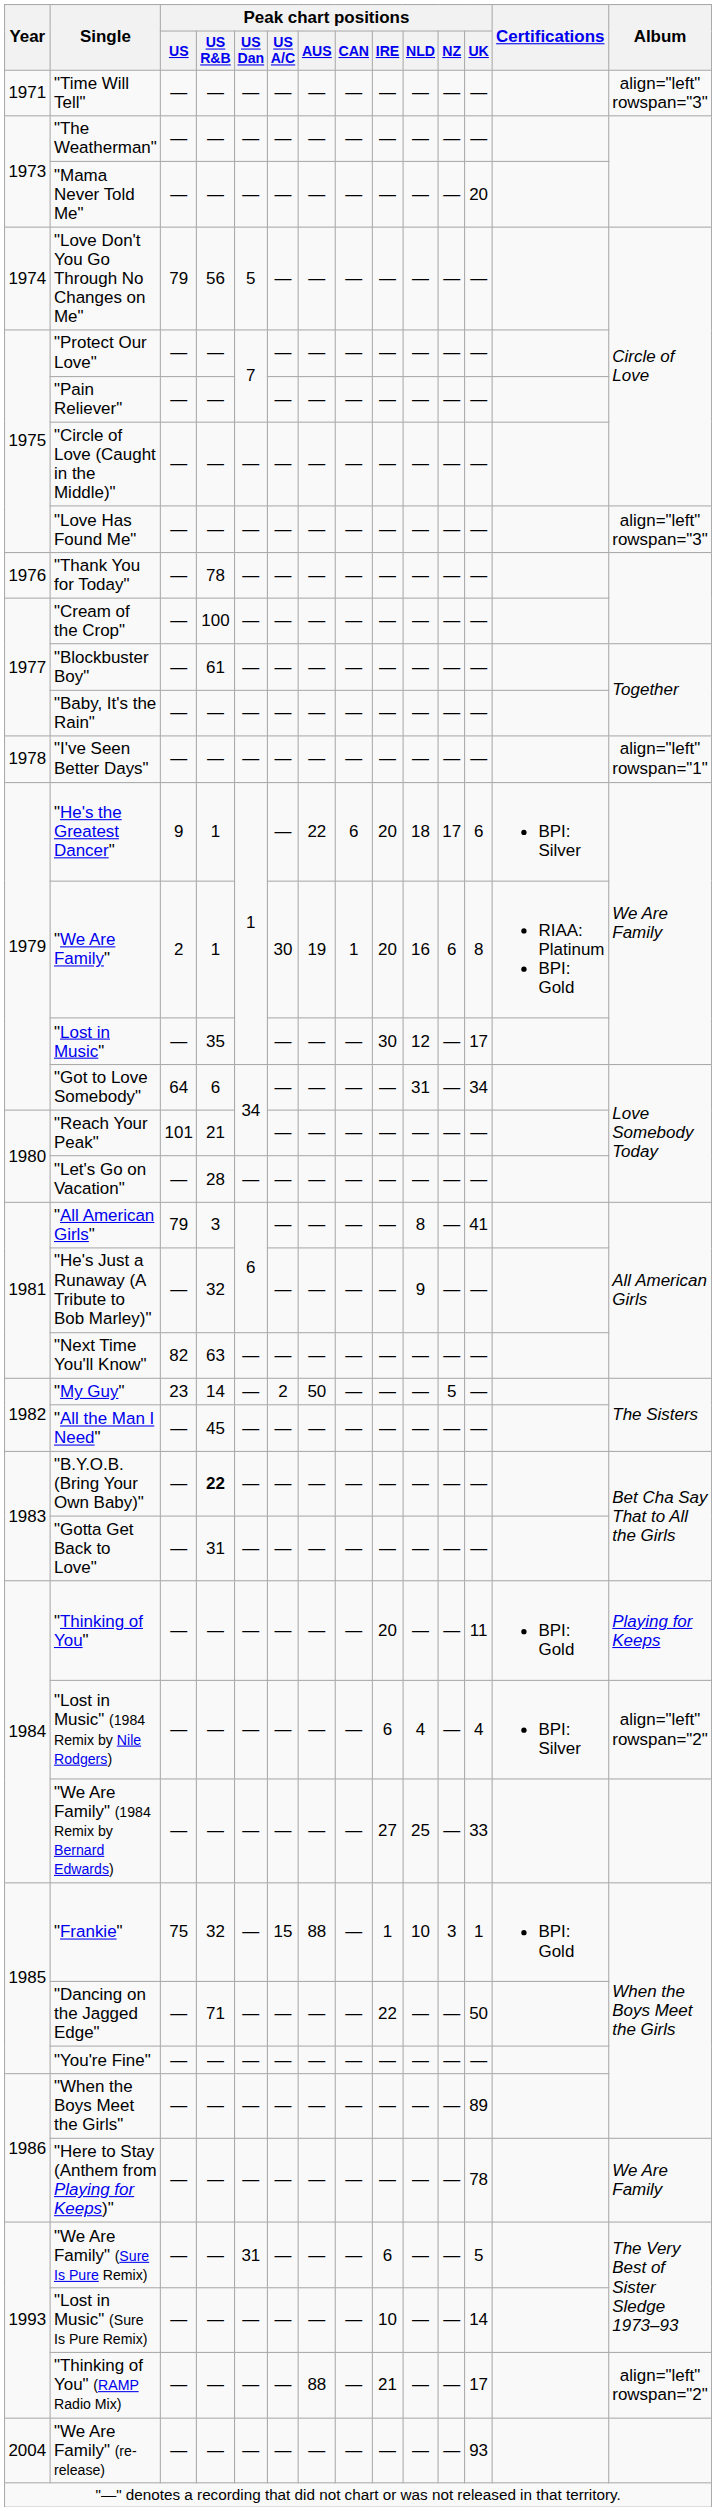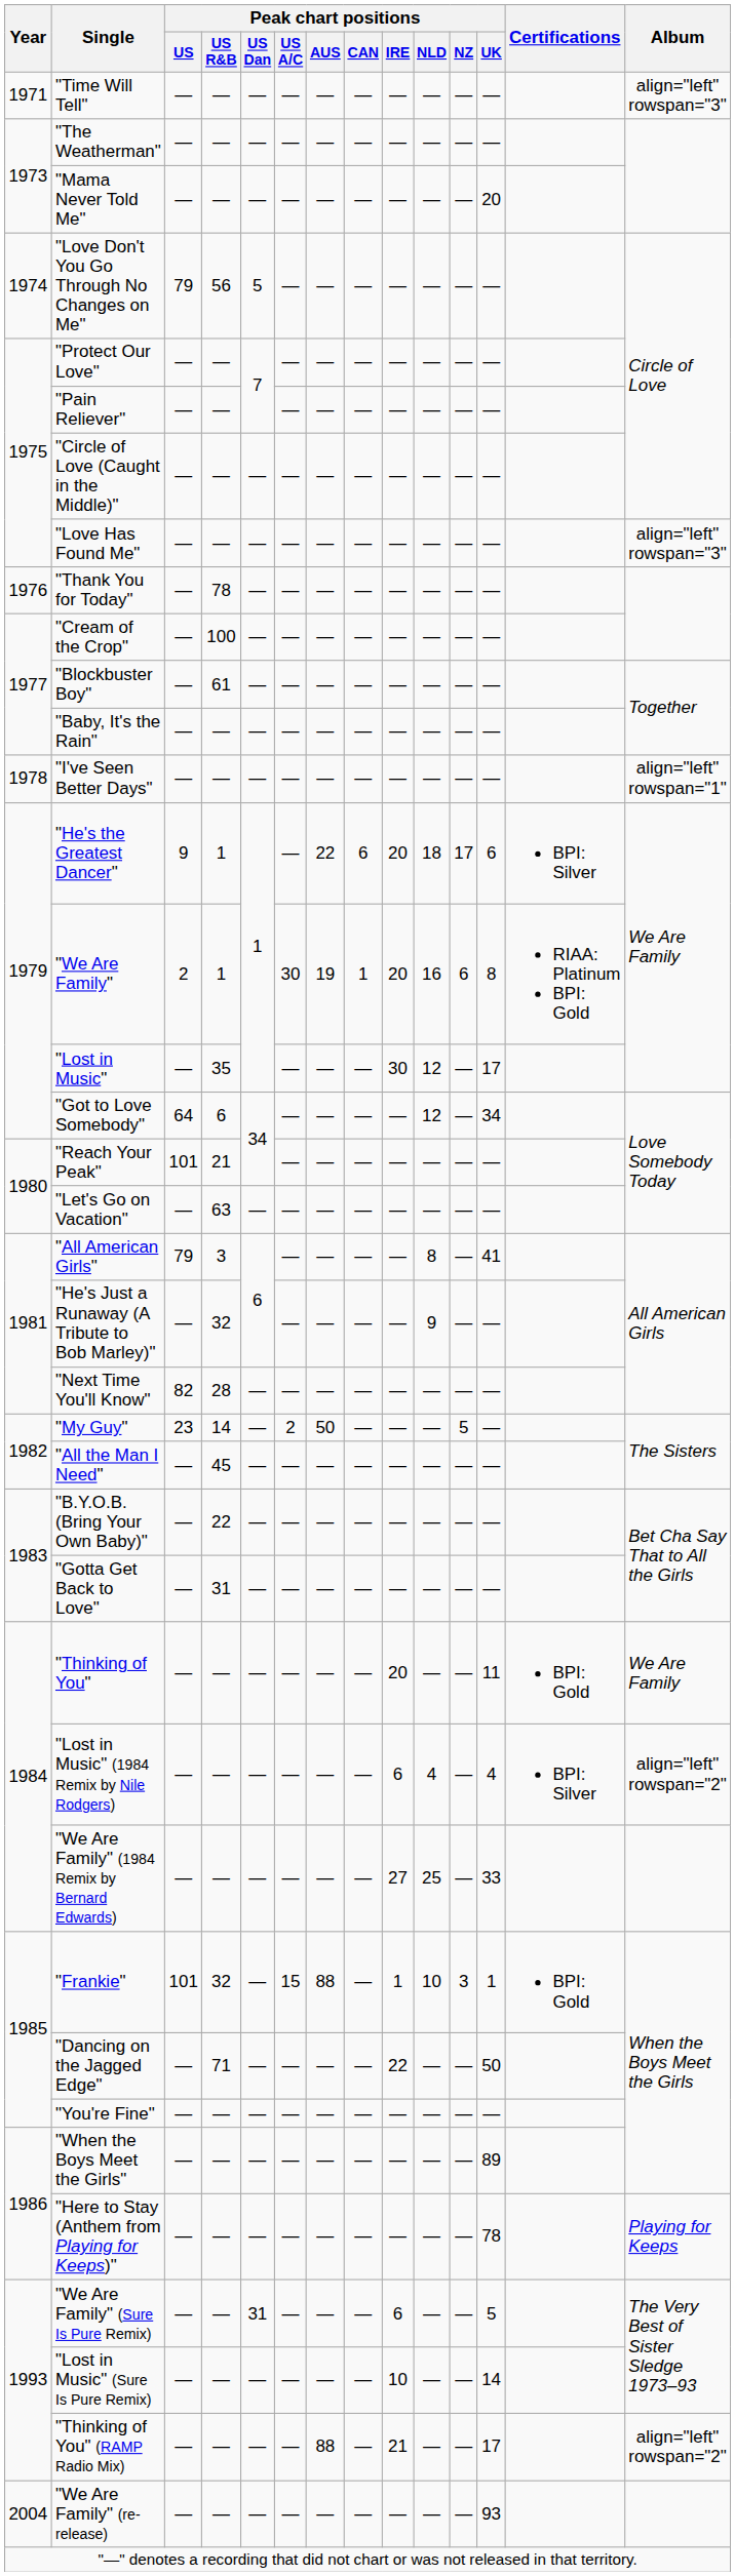 <table class="wikitable" style="text-align:center;">
 <tr>
 <th rowspan="2">Year</th>
 <th rowspan="2">Single</th>
 <th colspan="10">Peak chart positions</th>
 <th rowspan="2"><a href='#'>Certifications</a></th>
 <th rowspan="2">Album</th>
 </tr>
 <tr style="font-size:smaller;">
 <th width="35"><a href='#'>US</a><br></th>
 <th width="35"><a href='#'>US<br>R&B</a><br></th>
 <th width="35"><a href='#'>US<br>Dan</a><br></th>
 <th width="35"><a href='#'>US<br>A/C</a><br></th>
 <th width="35"><a href='#'>AUS</a><br></th>
 <th width="35"><a href='#'>CAN</a><br></th>
 <th width="35"><a href='#'>IRE</a><br></th>
 <th width="35"><a href='#'>NLD</a><br></th>
 <th width="35"><a href='#'>NZ</a> <br></th>
 <th width="35"><a href='#'>UK</a><br></th>
 </tr>
 <tr>
 <td rowspan="1">1971</td>
 <td align="left">"Time Will Tell"</td>
 <td>—</td>
 <td>—</td>
 <td>—</td>
 <td>—</td>
 <td>—</td>
 <td>—</td>
 <td>—</td>
 <td>—</td>
 <td>—</td>
 <td>—</td>
 <td align=left></td>
 <td>align="left" rowspan="3" </td>
 </tr>
 <tr>
 <td rowspan="2">1973</td>
 <td align="left">"The Weatherman"</td>
 <td>—</td>
 <td>—</td>
 <td>—</td>
 <td>—</td>
 <td>—</td>
 <td>—</td>
 <td>—</td>
 <td>—</td>
 <td>—</td>
 <td>—</td>
 <td align=left></td>
 </tr>
 <tr>
 <td align="left">"Mama Never Told Me"</td>
 <td>—</td>
 <td>—</td>
 <td>—</td>
 <td>—</td>
 <td>—</td>
 <td>—</td>
 <td>—</td>
 <td>—</td>
 <td>—</td>
 <td>20</td>
 <td align=left></td>
 </tr>
 <tr>
 <td rowspan="1">1974</td>
 <td align="left">"Love Don't You Go Through No Changes on Me"</td>
 <td>79</td>
 <td>56</td>
 <td>5</td>
 <td>—</td>
 <td>—</td>
 <td>—</td>
 <td>—</td>
 <td>—</td>
 <td>—</td>
 <td>—</td>
 <td align=left></td>
 <td align="left" rowspan="4"><em>Circle of Love</em></td>
 </tr>
 <tr>
 <td rowspan="4">1975</td>
 <td align="left">"Protect Our Love"</td>
 <td>—</td>
 <td>—</td>
 <td rowspan="2">7</td>
 <td>—</td>
 <td>—</td>
 <td>—</td>
 <td>—</td>
 <td>—</td>
 <td>—</td>
 <td>—</td>
 <td align=left></td>
 </tr>
 <tr>
 <td align="left">"Pain Reliever"</td>
 <td>—</td>
 <td>—</td>
 <td>—</td>
 <td>—</td>
 <td>—</td>
 <td>—</td>
 <td>—</td>
 <td>—</td>
 <td>—</td>
 <td align=left></td>
 </tr>
 <tr>
 <td align="left">"Circle of Love (Caught in the Middle)"</td>
 <td>—</td>
 <td>—</td>
 <td>—</td>
 <td>—</td>
 <td>—</td>
 <td>—</td>
 <td>—</td>
 <td>—</td>
 <td>—</td>
 <td>—</td>
 <td align=left></td>
 </tr>
 <tr>
 <td align="left">"Love Has Found Me"</td>
 <td>—</td>
 <td>—</td>
 <td>—</td>
 <td>—</td>
 <td>—</td>
 <td>—</td>
 <td>—</td>
 <td>—</td>
 <td>—</td>
 <td>—</td>
 <td align=left></td>
 <td>align="left" rowspan="3" </td>
 </tr>
 <tr>
 <td rowspan="1">1976</td>
 <td align="left">"Thank You for Today"</td>
 <td>—</td>
 <td>78</td>
 <td>—</td>
 <td>—</td>
 <td>—</td>
 <td>—</td>
 <td>—</td>
 <td>—</td>
 <td>—</td>
 <td>—</td>
 <td align=left></td>
 </tr>
 <tr>
 <td rowspan="3">1977</td>
 <td align="left">"Cream of the Crop"</td>
 <td>—</td>
 <td>100</td>
 <td>—</td>
 <td>—</td>
 <td>—</td>
 <td>—</td>
 <td>—</td>
 <td>—</td>
 <td>—</td>
 <td>—</td>
 <td align=left></td>
 </tr>
 <tr>
 <td align="left">"Blockbuster Boy"</td>
 <td>—</td>
 <td>61</td>
 <td>—</td>
 <td>—</td>
 <td>—</td>
 <td>—</td>
 <td>—</td>
 <td>—</td>
 <td>—</td>
 <td>—</td>
 <td align=left></td>
 <td align="left" rowspan="2"><em>Together</em></td>
 </tr>
 <tr>
 <td align="left">"Baby, It's the Rain"</td>
 <td>—</td>
 <td>—</td>
 <td>—</td>
 <td>—</td>
 <td>—</td>
 <td>—</td>
 <td>—</td>
 <td>—</td>
 <td>—</td>
 <td>—</td>
 <td align=left></td>
 </tr>
 <tr>
 <td rowspan="1">1978</td>
 <td align="left">"I've Seen Better Days"</td>
 <td>—</td>
 <td>—</td>
 <td>—</td>
 <td>—</td>
 <td>—</td>
 <td>—</td>
 <td>—</td>
 <td>—</td>
 <td>—</td>
 <td>—</td>
 <td align=left></td>
 <td>align="left" rowspan="1" </td>
 </tr>
 <tr>
 <td rowspan="4">1979</td>
 <td align="left">"<a href='#'>He's the Greatest Dancer</a>"</td>
 <td>9</td>
 <td>1</td>
 <td rowspan="3">1</td>
 <td>—</td>
 <td>22</td>
 <td>6</td>
 <td>20</td>
 <td>18</td>
 <td>17</td>
 <td>6</td>
 <td align=left><br><ul><li>BPI: Silver</li></ul></td>
 <td align="left" rowspan="3"><em>We Are Family</em></td>
 </tr>
 <tr>
 <td align="left">"<a href='#'>We Are Family</a>"</td>
 <td>2</td>
 <td>1</td>
 <td>30</td>
 <td>19</td>
 <td>1</td>
 <td>20</td>
 <td>16</td>
 <td>6</td>
 <td>8</td>
 <td align=left><br><ul><li>RIAA: Platinum</li><li>BPI: Gold</li></ul></td>
 </tr>
 <tr>
 <td align="left">"<a href='#'>Lost in Music</a>"</td>
 <td>—</td>
 <td>35</td>
 <td>—</td>
 <td>—</td>
 <td>—</td>
 <td>30</td>
 <td>12</td>
 <td>—</td>
 <td>17</td>
 <td align=left></td>
 </tr>
 <tr>
 <td align="left">"Got to Love Somebody"</td>
 <td>64</td>
 <td>6</td>
 <td rowspan="2">34</td>
 <td>—</td>
 <td>—</td>
 <td>—</td>
 <td>—</td>
-<td>31</td>
+<td>12</td>
 <td>—</td>
 <td>34</td>
 <td align=left></td>
 <td align="left" rowspan="3"><em>Love Somebody Today</em></td>
 </tr>
 <tr>
 <td rowspan="2">1980</td>
 <td align="left">"Reach Your Peak"</td>
 <td>101</td>
 <td>21</td>
 <td>—</td>
 <td>—</td>
 <td>—</td>
 <td>—</td>
 <td>—</td>
 <td>—</td>
 <td>—</td>
 <td align=left></td>
 </tr>
 <tr>
 <td align="left">"Let's Go on Vacation"</td>
 <td>—</td>
-<td>28</td>
+<td>63</td>
 <td>—</td>
 <td>—</td>
 <td>—</td>
 <td>—</td>
 <td>—</td>
 <td>—</td>
 <td>—</td>
 <td>—</td>
 <td align=left></td>
 </tr>
 <tr>
 <td rowspan="3">1981</td>
 <td align="left">"<a href='#'>All American Girls</a>"</td>
 <td>79</td>
 <td>3</td>
 <td rowspan="2">6</td>
 <td>—</td>
 <td>—</td>
 <td>—</td>
 <td>—</td>
 <td>8</td>
 <td>—</td>
 <td>41</td>
 <td align=left></td>
 <td align="left" rowspan="3"><em>All American Girls</em></td>
 </tr>
 <tr>
 <td align="left">"He's Just a Runaway (A Tribute to Bob Marley)"</td>
 <td>—</td>
 <td>32</td>
 <td>—</td>
 <td>—</td>
 <td>—</td>
 <td>—</td>
 <td>9</td>
 <td>—</td>
 <td>—</td>
 <td align=left></td>
 </tr>
 <tr>
 <td align="left">"Next Time You'll Know"</td>
 <td>82</td>
-<td>63</td>
+<td>28</td>
 <td>—</td>
 <td>—</td>
 <td>—</td>
 <td>—</td>
 <td>—</td>
 <td>—</td>
 <td>—</td>
 <td>—</td>
 <td align=left></td>
 </tr>
 <tr>
 <td rowspan="2">1982</td>
 <td align="left">"<a href='#'>My Guy</a>"</td>
 <td>23</td>
 <td>14</td>
 <td>—</td>
 <td>2</td>
 <td>50</td>
 <td>—</td>
 <td>—</td>
 <td>—</td>
 <td>5</td>
 <td>—</td>
 <td align=left></td>
 <td align="left" rowspan="2"><em>The Sisters</em></td>
 </tr>
 <tr>
 <td align="left">"<a href='#'>All the Man I Need</a>"</td>
 <td>—</td>
 <td>45</td>
 <td>—</td>
 <td>—</td>
 <td>—</td>
 <td>—</td>
 <td>—</td>
 <td>—</td>
 <td>—</td>
 <td>—</td>
 <td align=left></td>
 </tr>
 <tr>
 <td rowspan="2">1983</td>
 <td align="left">"B.Y.O.B. (Bring Your Own Baby)"</td>
 <td>—</td>
-<td><strong>22</strong></td>
+<td>22</td>
 <td>—</td>
 <td>—</td>
 <td>—</td>
 <td>—</td>
 <td>—</td>
 <td>—</td>
 <td>—</td>
 <td>—</td>
 <td align=left></td>
 <td align="left" rowspan="2"><em>Bet Cha Say That to All the Girls</em></td>
 </tr>
 <tr>
 <td align="left">"Gotta Get Back to Love"</td>
 <td>—</td>
 <td>31</td>
 <td>—</td>
 <td>—</td>
 <td>—</td>
 <td>—</td>
 <td>—</td>
 <td>—</td>
 <td>—</td>
 <td>—</td>
 <td align=left></td>
 </tr>
 <tr>
 <td rowspan="3">1984</td>
 <td align="left">"<a href='#'>Thinking of You</a>"</td>
 <td>—</td>
 <td>—</td>
 <td>—</td>
 <td>—</td>
 <td>—</td>
 <td>—</td>
 <td>20</td>
 <td>—</td>
 <td>—</td>
 <td>11</td>
 <td align=left><br><ul><li>BPI: Gold</li></ul></td>
-<td align="left" rowspan="1"><em><a href='#'>Playing for Keeps</a></em></td>
+<td align="left" rowspan="1"><em>We Are Family</em></td>
 </tr>
 <tr>
 <td align="left">"Lost in Music" <small>(1984 Remix by <a href='#'>Nile Rodgers</a>)</small></td>
 <td>—</td>
 <td>—</td>
 <td>—</td>
 <td>—</td>
 <td>—</td>
 <td>—</td>
 <td>6</td>
 <td>4</td>
 <td>—</td>
 <td>4</td>
 <td align=left><br><ul><li>BPI: Silver</li></ul></td>
 <td>align="left" rowspan="2" </td>
 </tr>
 <tr>
 <td align="left">"We Are Family" <small>(1984 Remix by <a href='#'>Bernard Edwards</a>)</small></td>
 <td>—</td>
 <td>—</td>
 <td>—</td>
 <td>—</td>
 <td>—</td>
 <td>—</td>
 <td>27</td>
 <td>25</td>
 <td>—</td>
 <td>33</td>
 <td align=left></td>
 </tr>
 <tr>
 <td rowspan="3">1985</td>
 <td align="left">"<a href='#'>Frankie</a>"</td>
-<td>75</td>
+<td>101</td>
 <td>32</td>
 <td>—</td>
 <td>15</td>
 <td>88</td>
 <td>—</td>
 <td>1</td>
 <td>10</td>
 <td>3</td>
 <td>1</td>
 <td align=left><br><ul><li>BPI: Gold</li></ul></td>
 <td align="left" rowspan="4"><em>When the Boys Meet the Girls</em></td>
 </tr>
 <tr>
 <td align="left">"Dancing on the Jagged Edge"</td>
 <td>—</td>
 <td>71</td>
 <td>—</td>
 <td>—</td>
 <td>—</td>
 <td>—</td>
 <td>22</td>
 <td>—</td>
 <td>—</td>
 <td>50</td>
 <td align=left></td>
 </tr>
 <tr>
 <td align="left">"You're Fine"</td>
 <td>—</td>
 <td>—</td>
 <td>—</td>
 <td>—</td>
 <td>—</td>
 <td>—</td>
 <td>—</td>
 <td>—</td>
 <td>—</td>
 <td>—</td>
 <td align=left></td>
 </tr>
 <tr>
 <td rowspan="2">1986</td>
 <td align="left">"When the Boys Meet the Girls"</td>
 <td>—</td>
 <td>—</td>
 <td>—</td>
 <td>—</td>
 <td>—</td>
 <td>—</td>
 <td>—</td>
 <td>—</td>
 <td>—</td>
 <td>89</td>
 <td align=left></td>
 </tr>
 <tr>
 <td align="left">"Here to Stay (Anthem from <em><a href='#'>Playing for Keeps</a></em>)"</td>
 <td>—</td>
 <td>—</td>
 <td>—</td>
 <td>—</td>
 <td>—</td>
 <td>—</td>
 <td>—</td>
 <td>—</td>
 <td>—</td>
 <td>78</td>
 <td align=left></td>
-<td align="left" rowspan="1"><em>We Are Family</em></td>
+<td align="left" rowspan="1"><em><a href='#'>Playing for Keeps</a></em></td>
 </tr>
 <tr>
 <td rowspan="3">1993</td>
 <td align="left">"We Are Family" <small>(<a href='#'>Sure Is Pure</a> Remix)</small></td>
 <td>—</td>
 <td>—</td>
 <td>31</td>
 <td>—</td>
 <td>—</td>
 <td>—</td>
 <td>6</td>
 <td>—</td>
 <td>—</td>
 <td>5</td>
 <td align=left></td>
 <td align="left" rowspan="2"><em>The Very Best of Sister Sledge 1973–93</em></td>
 </tr>
 <tr>
 <td align="left">"Lost in Music" <small>(Sure Is Pure Remix)</small></td>
 <td>—</td>
 <td>—</td>
 <td>—</td>
 <td>—</td>
 <td>—</td>
 <td>—</td>
 <td>10</td>
 <td>—</td>
 <td>—</td>
 <td>14</td>
 <td align=left></td>
 </tr>
 <tr>
 <td align="left">"Thinking of You" <small>(<a href='#'>RAMP</a> Radio Mix)</small></td>
 <td>—</td>
 <td>—</td>
 <td>—</td>
 <td>—</td>
 <td>88</td>
 <td>—</td>
 <td>21</td>
 <td>—</td>
 <td>—</td>
 <td>17</td>
 <td align=left></td>
 <td>align="left" rowspan="2" </td>
 </tr>
 <tr>
 <td rowspan="1">2004</td>
 <td align="left">"We Are Family" <small>(re-release)</small></td>
 <td>—</td>
 <td>—</td>
 <td>—</td>
 <td>—</td>
 <td>—</td>
 <td>—</td>
 <td>—</td>
 <td>—</td>
 <td>—</td>
 <td>93</td>
 <td align=left></td>
 </tr>
 <tr>
 <td colspan="16" style="font-size:90%">"—" denotes a recording that did not chart or was not released in that territory.</td>
 </tr>
 </table>
